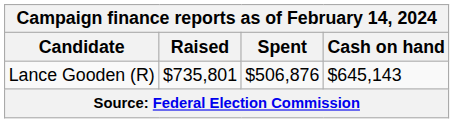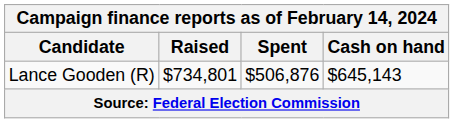 <table class="wikitable sortable">
 <tr>
 <th colspan=4>Campaign finance reports as of February 14, 2024</th>
 </tr>
 <tr style="text-align:center;">
 <th>Candidate</th>
 <th>Raised</th>
 <th>Spent</th>
 <th>Cash on hand</th>
 </tr>
 <tr>
 <td style="background-color:">Lance Gooden (R)</td>
-<td>$735,801</td>
+<td>$734,801</td>
 <td>$506,876</td>
 <td>$645,143</td>
 </tr>
 <tr>
 <th colspan="4"><small>Source: <a href='#'>Federal Election Commission</a></small></th>
 </tr>
 </table>
